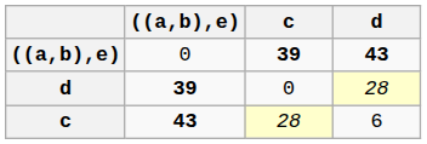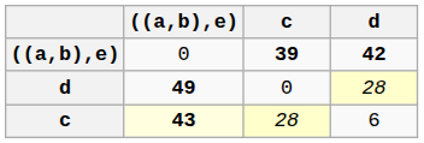 <table class="wikitable" style="text-align: center">
 <tr>
 <th style="width: 50px;"></th>
 <th style="width: 50px;">((a,b),e)</th>
 <th style="width: 50px;">c</th>
 <th style="width: 50px;">d</th>
 </tr>
 <tr>
 <th>((a,b),e)</th>
 <td>0</td>
 <td><strong>39</strong></td>
-<td><strong>43</strong></td>
+<td><strong>42</strong></td>
 </tr>
 <tr>
 <th>d</th>
-<td><strong>39</strong></td>
+<td><strong>49</strong></td>
 <td>0</td>
 <td style=background:#ffffcc;><em>28</em></td>
 </tr>
 <tr>
 <th>c</th>
-<td><strong>43</strong></td>
+<td style="background: lightyellow;"><strong>43</strong></td>
 <td style=background:#ffffcc;><em>28</em></td>
 <td>6</td>
 </tr>
 </table>
